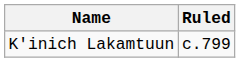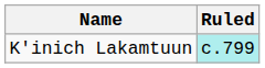 <table class="wikitable" border="1">
 <tr>
 <th><strong>Name</strong></th>
 <th><strong>Ruled</strong></th>
 </tr>
 <tr>
 <td>K'inich Lakamtuun</td>
-<td>c.799</td>
+<td style="background: paleturquoise;">c.799</td>
 </tr>
 </table>
